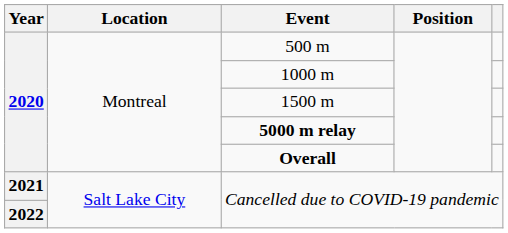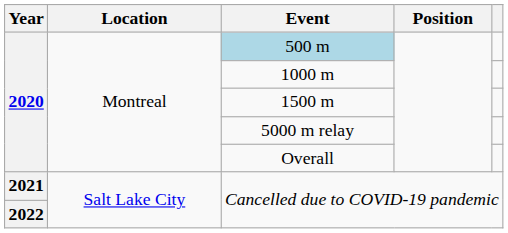 <table class=wikitable sortable plainrowheaders style="text-align: center;">
 <tr>
 <th scope="col">Year</th>
 <th scope="col" width="150">Location</th>
 <th scope="col" width="150">Event</th>
 <th scope="col">Position</th>
 <th scope="col" class="unsortable"></th>
 </tr>
 <tr>
 <th scope="row" rowspan="5"><a href='#'>2020</a></th>
 <td rowspan="5"> Montreal</td>
-<td>500 m</td>
+<td style="background: lightblue;">500 m</td>
 <td rowspan="5"></td>
 <td></td>
 </tr>
 <tr>
 <td>1000 m</td>
 <td></td>
 </tr>
 <tr>
 <td>1500 m</td>
 <td></td>
 </tr>
 <tr>
-<td><strong>5000 m relay</strong></td>
+<td>5000 m relay</td>
 <td></td>
 </tr>
 <tr>
-<td><strong>Overall</strong></td>
+<td>Overall</td>
 <td></td>
 </tr>
 <tr>
 <th scope="row">2021</th>
 <td rowspan="2"> <a href='#'>Salt Lake City</a></td>
 <td rowspan="2" colspan="3"><em>Cancelled due to COVID-19 pandemic</em></td>
 </tr>
 <tr>
 <th scope="row">2022</th>
 </tr>
 </table>
